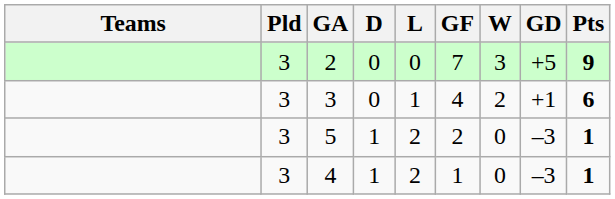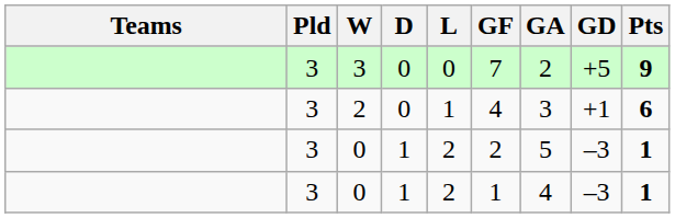 <table class="wikitable" style="text-align: center;">
 <tr>
 <th width=165>Teams</th>
 <th width=20>Pld</th>
-<th width=20>GA</th>
+<th width=20>W</th>
 <th width=20>D</th>
 <th width=20>L</th>
 <th width=20>GF</th>
-<th width=20>W</th>
+<th width=20>GA</th>
 <th width=20>GD</th>
 <th width=20>Pts</th>
 </tr>
 <tr align=center style="background:#ccffcc;">
 <td style="text-align:left;"></td>
 <td>3</td>
-<td>2</td>
+<td>3</td>
 <td>0</td>
 <td>0</td>
 <td>7</td>
-<td>3</td>
+<td>2</td>
 <td>+5</td>
 <td><strong>9</strong></td>
 </tr>
 <tr align=center>
 <td style="text-align:left;"></td>
 <td>3</td>
-<td>3</td>
+<td>2</td>
 <td>0</td>
 <td>1</td>
 <td>4</td>
-<td>2</td>
+<td>3</td>
 <td>+1</td>
 <td><strong>6</strong></td>
 </tr>
 <tr align=center>
 <td style="text-align:left;"></td>
 <td>3</td>
-<td>5</td>
+<td>0</td>
 <td>1</td>
 <td>2</td>
 <td>2</td>
-<td>0</td>
+<td>5</td>
 <td>–3</td>
 <td><strong>1</strong></td>
 </tr>
 <tr align=center>
 <td style="text-align:left;"></td>
 <td>3</td>
-<td>4</td>
+<td>0</td>
 <td>1</td>
 <td>2</td>
 <td>1</td>
-<td>0</td>
+<td>4</td>
 <td>–3</td>
 <td><strong>1</strong></td>
 </tr>
 </table>
